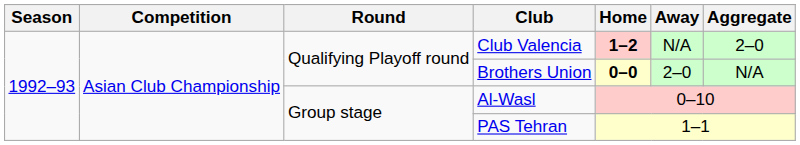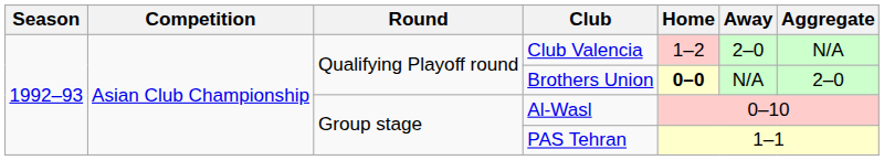 <table class="wikitable">
 <tr>
 <th>Season</th>
 <th>Competition</th>
 <th>Round</th>
 <th>Club</th>
 <th>Home</th>
 <th>Away</th>
 <th>Aggregate</th>
 </tr>
 <tr>
 <td rowspan="4"><a href='#'>1992–93</a></td>
 <td rowspan="4"><a href='#'>Asian Club Championship</a></td>
 <td rowspan="2">Qualifying Playoff round</td>
 <td> <a href='#'>Club Valencia</a></td>
-<td style="text-align:center; background:#FFCCCC;"><strong>1–2</strong></td>
-<td style="text-align:center; background:#CCFFCC;">N/A</td>
-<td style="text-align:center; background:#CCFFCC">2–0</td>
+<td style="text-align:center; background:#FFCCCC;">1–2</td>
+<td style="text-align:center; background:#CCFFCC;">2–0</td>
+<td style="text-align:center; background:#CCFFCC">N/A</td>
 </tr>
 <tr>
 <td> <a href='#'>Brothers Union</a></td>
 <td style="text-align:center; background:#FFFFCC;"><strong>0–0</strong></td>
-<td style="text-align:center; background:#CCFFCC;">2–0</td>
-<td style="text-align:center; background:#CCFFCC">N/A</td>
+<td style="text-align:center; background:#CCFFCC;">N/A</td>
+<td style="text-align:center; background:#CCFFCC">2–0</td>
 </tr>
 <tr>
 <td rowspan="2">Group stage</td>
 <td> <a href='#'>Al-Wasl</a></td>
 <td colspan="3" style="text-align:center; background:#FFCCCC">0–10</td>
 </tr>
 <tr>
 <td> <a href='#'>PAS Tehran</a></td>
 <td colspan="3" style="text-align:center; background:#FFFFCC">1–1</td>
 </tr>
 </table>
